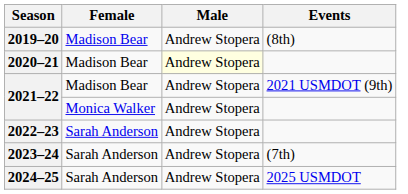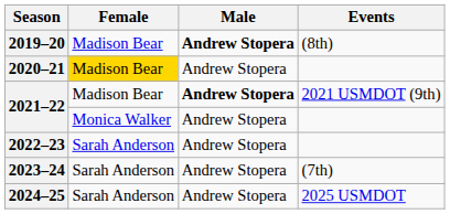 <table class="wikitable">
 <tr>
 <th scope="col">Season</th>
 <th scope="col">Female</th>
 <th scope="col">Male</th>
 <th scope="col">Events</th>
 </tr>
 <tr>
 <th scope="row">2019–20</th>
 <td><a href='#'>Madison Bear</a></td>
-<td>Andrew Stopera</td>
+<td><strong>Andrew Stopera</strong></td>
 <td> (8th)</td>
 </tr>
 <tr>
 <th scope="row">2020–21</th>
-<td>Madison Bear</td>
-<td style="background: lightyellow;">Andrew Stopera</td>
+<td style="background: gold;">Madison Bear</td>
+<td>Andrew Stopera</td>
 <td> </td>
 </tr>
 <tr>
 <th scope="row" rowspan="2">2021–22</th>
 <td>Madison Bear</td>
-<td>Andrew Stopera</td>
+<td><strong>Andrew Stopera</strong></td>
 <td><a href='#'>2021 USMDOT</a> (9th)</td>
 </tr>
 <tr>
 <td><a href='#'>Monica Walker</a></td>
 <td>Andrew Stopera</td>
 <td> </td>
 </tr>
 <tr>
 <th scope="row">2022–23</th>
 <td><a href='#'>Sarah Anderson</a></td>
 <td>Andrew Stopera</td>
 <td> </td>
 </tr>
 <tr>
 <th scope="row">2023–24</th>
 <td>Sarah Anderson</td>
 <td>Andrew Stopera</td>
 <td> (7th)</td>
 </tr>
 <tr>
 <th scope="row">2024–25</th>
 <td>Sarah Anderson</td>
 <td>Andrew Stopera</td>
 <td><a href='#'>2025 USMDOT</a> </td>
 </tr>
 </table>
